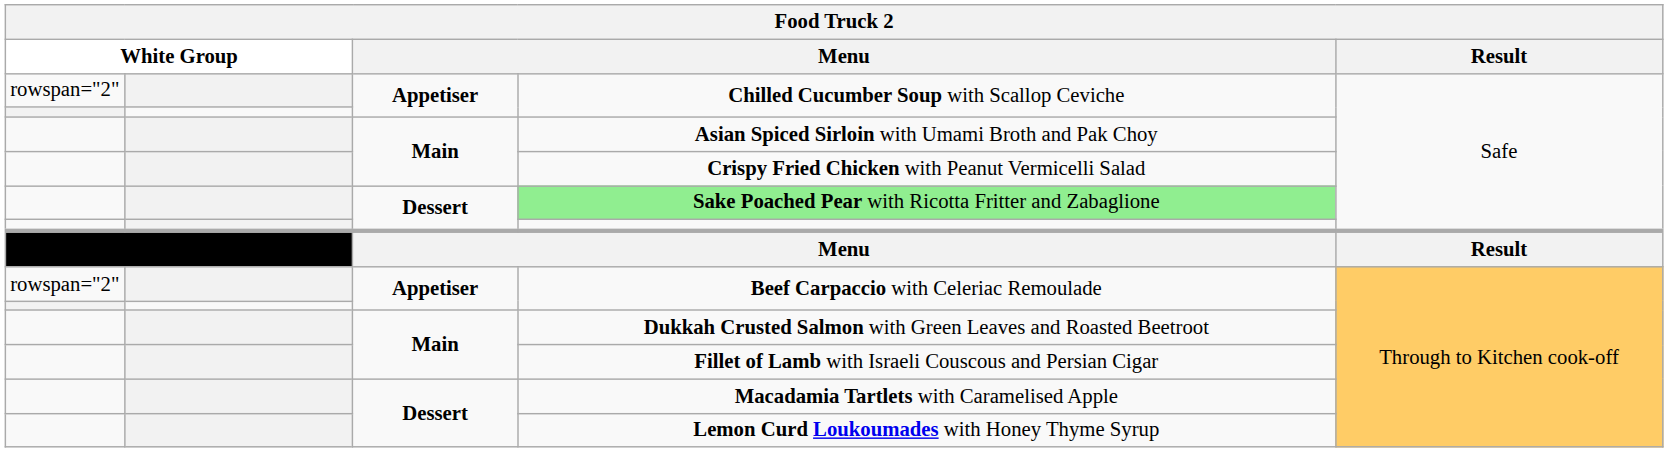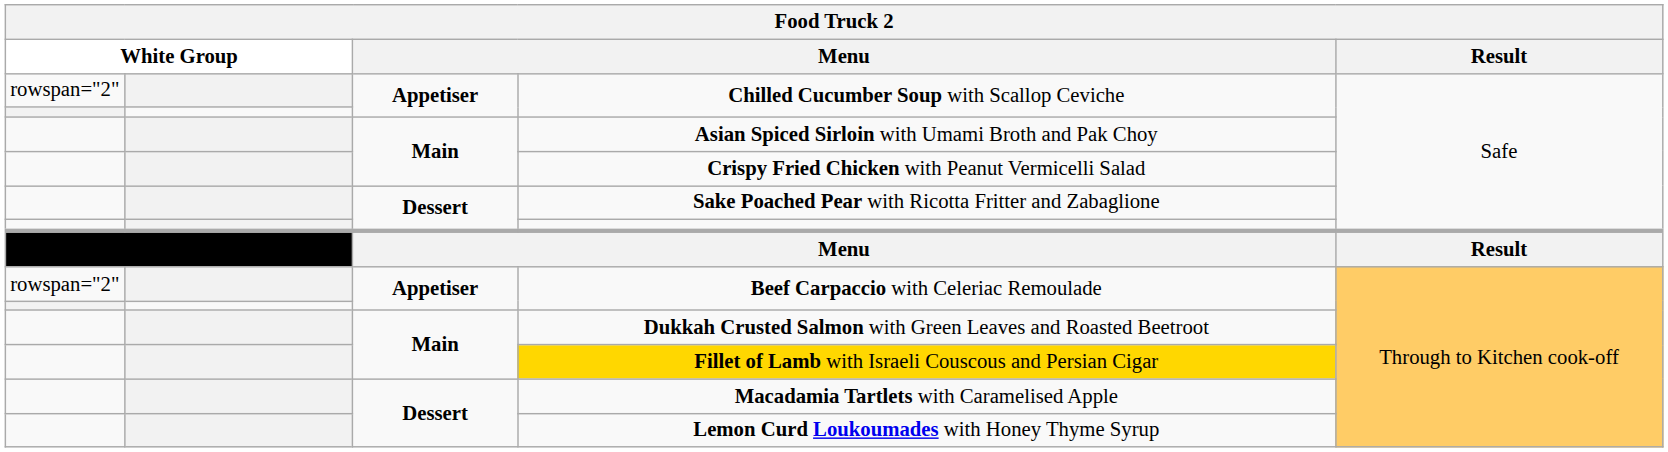 <table class="wikitable plainrowheaders" style="margin:1em auto; text-align:center; font-size:90%; width:80em;">
 <tr>
 <th colspan="5" >Food Truck 2</th>
 </tr>
 <tr>
 <th style="width:20%; background:white" colspan="2">White Group</th>
 <th style="width:60%;" colspan="2">Menu</th>
 <th style="width:20%;">Result</th>
 </tr>
 <tr>
 <td>rowspan="2" </td>
 <th style="width:14%;"></th>
 <td style="width:10%;" rowspan="2"><strong>Appetiser</strong></td>
 <td rowspan="2"><strong>Chilled Cucumber Soup</strong> with Scallop Ceviche</td>
 <td rowspan="6">Safe</td>
 </tr>
 <tr>
 <th></th>
 </tr>
 <tr>
 <td></td>
 <th></th>
 <td rowspan="2"><strong>Main</strong></td>
 <td><strong>Asian Spiced Sirloin</strong> with Umami Broth and Pak Choy</td>
 </tr>
 <tr>
 <td></td>
 <th></th>
 <td><strong>Crispy Fried Chicken</strong> with Peanut Vermicelli Salad</td>
 </tr>
 <tr>
 <td></td>
 <th></th>
 <td rowspan="2"><strong>Dessert</strong></td>
-<td style="background: lightgreen;"><strong>Sake Poached Pear</strong> with Ricotta Fritter and Zabaglione</td>
+<td><strong>Sake Poached Pear</strong> with Ricotta Fritter and Zabaglione</td>
 </tr>
 <tr>
 <td></td>
 <th></th>
 <td></td>
 </tr>
 <tr style="border-top:3px solid #aaa;">
 <th style="width:20%; background:black" colspan="2"></th>
 <th style="width:60%;" colspan="2">Menu</th>
 <th style="width:20%;">Result</th>
 </tr>
 <tr>
 <td>rowspan="2" </td>
 <th></th>
 <td rowspan="2"><strong>Appetiser</strong></td>
 <td rowspan="2"><strong>Beef Carpaccio</strong> with Celeriac Remoulade</td>
 <td rowspan="6" style="background:#fc6;">Through to Kitchen cook-off</td>
 </tr>
 <tr>
 <th></th>
 </tr>
 <tr>
 <td></td>
 <th></th>
 <td rowspan="2"><strong>Main</strong></td>
 <td><strong>Dukkah Crusted Salmon</strong> with Green Leaves and Roasted Beetroot</td>
 </tr>
 <tr>
 <td></td>
 <th></th>
-<td><strong>Fillet of Lamb</strong> with Israeli Couscous and Persian Cigar</td>
+<td style="background: gold;"><strong>Fillet of Lamb</strong> with Israeli Couscous and Persian Cigar</td>
 </tr>
 <tr>
 <td></td>
 <th></th>
 <td rowspan="2"><strong>Dessert</strong></td>
 <td><strong>Macadamia Tartlets</strong> with Caramelised Apple</td>
 </tr>
 <tr>
 <td></td>
 <th></th>
 <td><strong>Lemon Curd <a href='#'>Loukoumades</a></strong> with Honey Thyme Syrup</td>
 </tr>
 </table>
